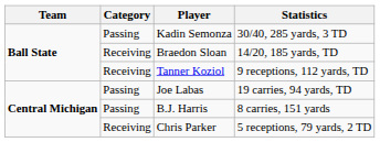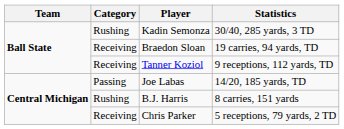 <table class="wikitable" style="float: right;">
 <tr>
 <th>Team</th>
 <th>Category</th>
 <th>Player</th>
 <th>Statistics</th>
 </tr>
 <tr>
 <td rowspan=3><strong>Ball State</strong></td>
-<td>Passing</td>
+<td>Rushing</td>
 <td>Kadin Semonza</td>
 <td>30/40, 285 yards, 3 TD</td>
 </tr>
 <tr>
 <td>Receiving</td>
 <td>Braedon Sloan</td>
-<td>14/20, 185 yards, TD</td>
+<td>19 carries, 94 yards, TD</td>
 </tr>
 <tr>
 <td>Receiving</td>
 <td><a href='#'>Tanner Koziol</a></td>
 <td>9 receptions, 112 yards, TD</td>
 </tr>
 <tr>
 <td rowspan=3><strong>Central Michigan</strong></td>
 <td>Passing</td>
 <td>Joe Labas</td>
-<td>19 carries, 94 yards, TD</td>
+<td>14/20, 185 yards, TD</td>
 </tr>
 <tr>
-<td>Passing</td>
+<td>Rushing</td>
 <td>B.J. Harris</td>
 <td>8 carries, 151 yards</td>
 </tr>
 <tr>
 <td>Receiving</td>
 <td>Chris Parker</td>
 <td>5 receptions, 79 yards, 2 TD</td>
 </tr>
 </table>
